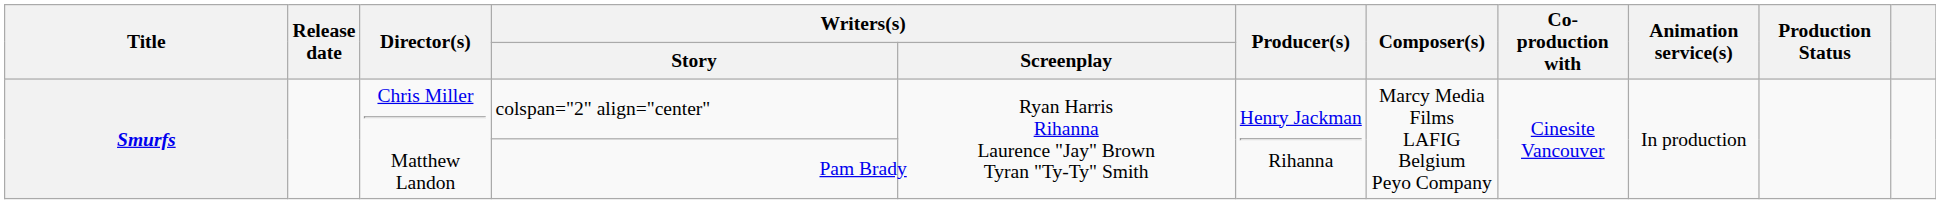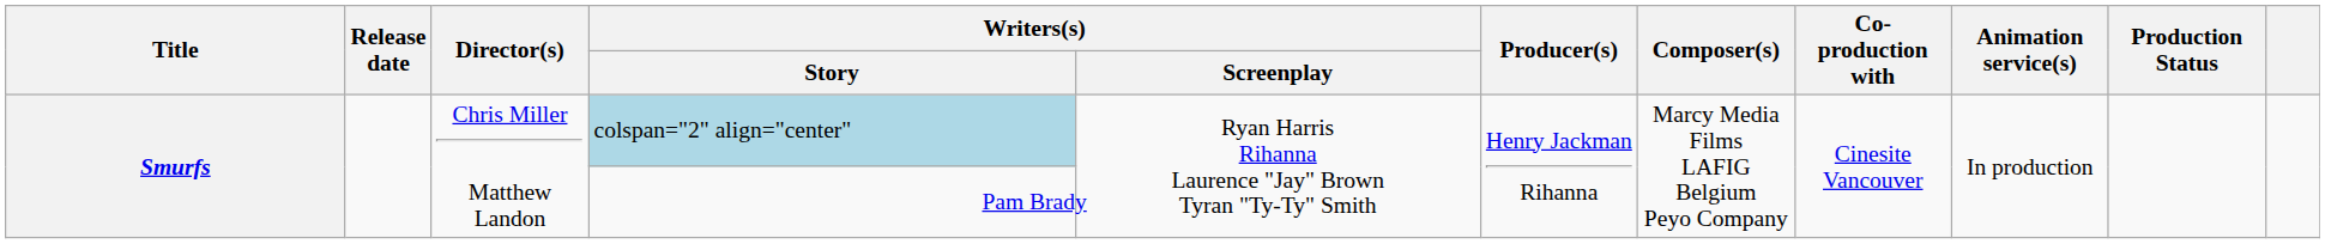 <table class="wikitable plainrowheaders sortable" style="width:100%;">
 <tr>
 <th rowspan="2" width="225">Title</th>
 <th rowspan="2" width="40">Release date</th>
 <th rowspan="2" width="100">Director(s)</th>
 <th colspan="2" width="150">Writers(s)</th>
 <th rowspan="2" width="100">Producer(s)</th>
 <th rowspan="2" width="100">Composer(s)</th>
 <th rowspan="2" width="100">Co-production with</th>
 <th rowspan="2" width="100">Animation service(s)</th>
 <th rowspan="2" width="100">Production Status</th>
 <th rowspan="2" style="width:30px;" class="unsortable"></th>
 </tr>
 <tr>
 <th>Story</th>
 <th>Screenplay</th>
 </tr>
 <tr>
 <th rowspan="2" scope="row"><em><a href='#'>Smurfs</a></em></th>
 <td rowspan="2" align="center"></td>
 <td rowspan="2" align="center"><a href='#'>Chris Miller</a> <hr><br>Matthew Landon</td>
-<td>colspan="2" align="center" </td>
+<td style="background: lightblue;">colspan="2" align="center" </td>
 <td rowspan="2" align="center">Ryan Harris<br><a href='#'>Rihanna</a><br>Laurence "Jay" Brown<br>Tyran "Ty-Ty" Smith</td>
 <td rowspan="2" align="center"><a href='#'>Henry Jackman</a><br><hr>Rihanna<br></td>
 <td rowspan="2" align="center">Marcy Media Films<br>LAFIG Belgium<br>Peyo Company</td>
 <td rowspan="2" align="center"><a href='#'>Cinesite Vancouver</a></td>
 <td rowspan="6" align="center">In production</td>
 <td rowspan="2" align="center"></td>
 </tr>
 <tr>
 <td colspan="2" align="center"><a href='#'>Pam Brady</a></td>
 </tr>
 </table>
